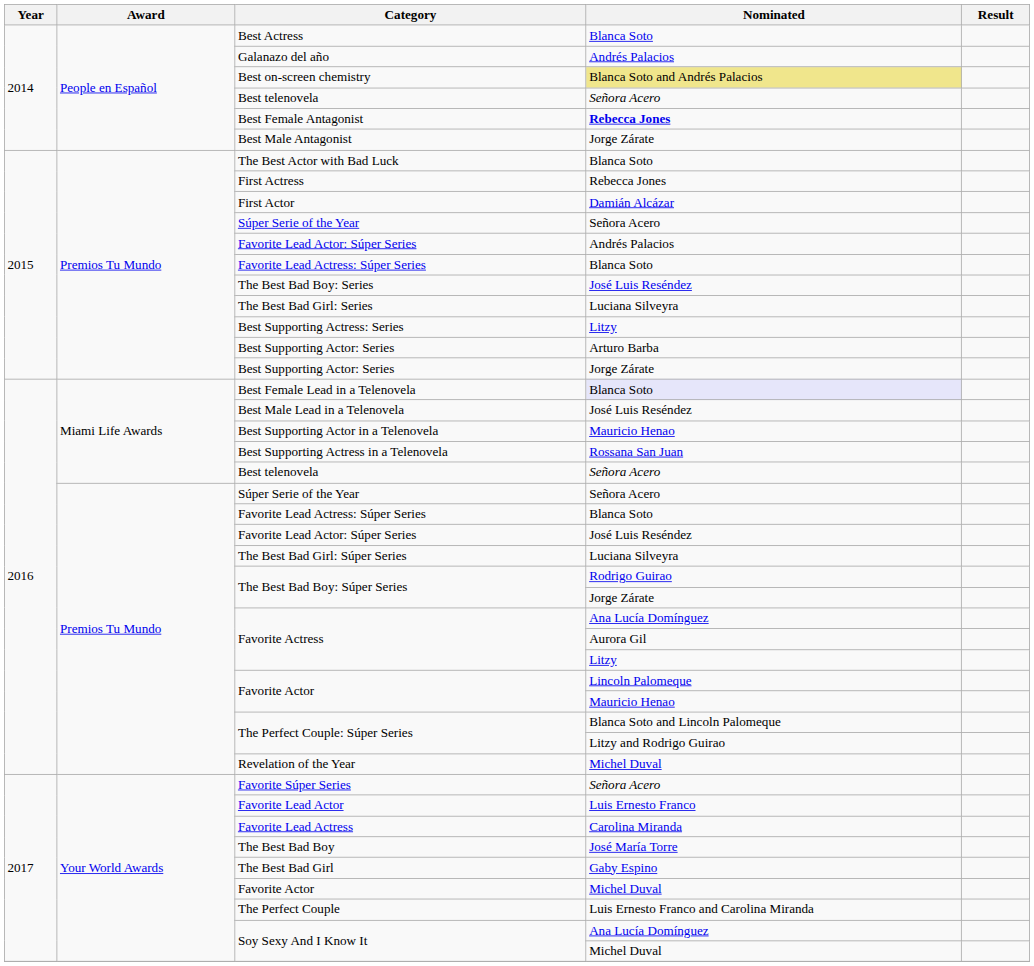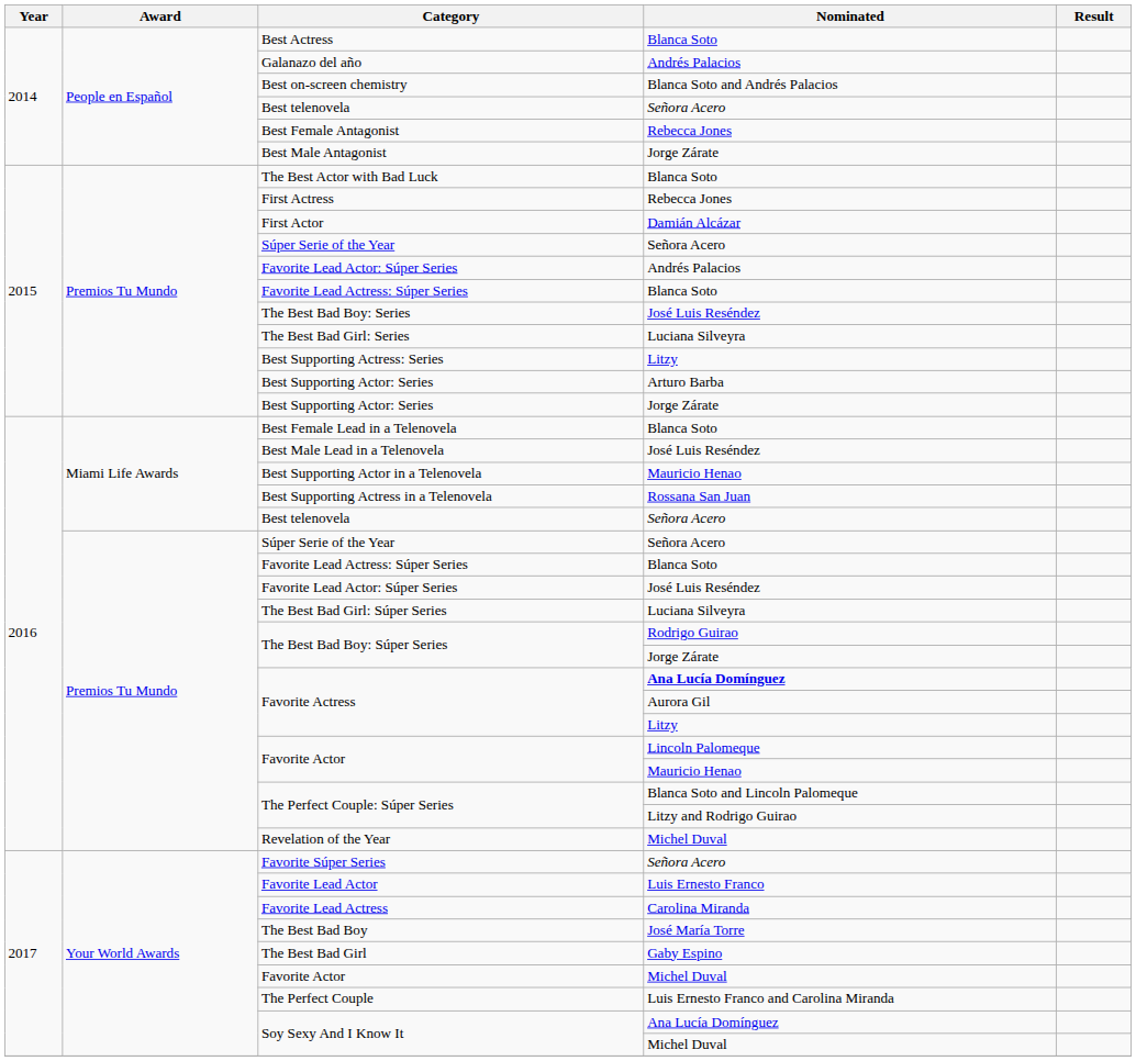 <table class="wikitable sortable plainrowheaders" style="width:99%;">
 <tr>
 <th scope="col">Year</th>
 <th scope="col">Award</th>
 <th scope="col">Category</th>
 <th scope="col">Nominated</th>
 <th scope="col">Result</th>
 </tr>
 <tr>
 <td rowspan=6>2014</td>
 <td rowspan=6><a href='#'>People en Español</a></td>
 <td>Best Actress</td>
 <td><a href='#'>Blanca Soto</a></td>
 <td></td>
 </tr>
 <tr>
 <td>Galanazo del año</td>
 <td><a href='#'>Andrés Palacios</a></td>
 <td></td>
 </tr>
 <tr>
 <td>Best on-screen chemistry</td>
-<td style="background: khaki;">Blanca Soto and Andrés Palacios</td>
+<td>Blanca Soto and Andrés Palacios</td>
 <td></td>
 </tr>
 <tr>
 <td>Best telenovela</td>
 <td><em>Señora Acero</em></td>
 <td></td>
 </tr>
 <tr>
 <td>Best Female Antagonist</td>
-<td><strong><a href='#'>Rebecca Jones</a></strong></td>
+<td><a href='#'>Rebecca Jones</a></td>
 <td></td>
 </tr>
 <tr>
 <td>Best Male Antagonist</td>
 <td>Jorge Zárate</td>
 <td></td>
 </tr>
 <tr>
 <td rowspan=11>2015</td>
 <td rowspan=11><a href='#'>Premios Tu Mundo</a></td>
 <td>The Best Actor with Bad Luck</td>
 <td>Blanca Soto</td>
 <td></td>
 </tr>
 <tr>
 <td>First Actress</td>
 <td>Rebecca Jones</td>
 <td></td>
 </tr>
 <tr>
 <td>First Actor</td>
 <td><a href='#'>Damián Alcázar</a></td>
 <td></td>
 </tr>
 <tr>
 <td><a href='#'>Súper Serie of the Year</a></td>
 <td>Señora Acero</td>
 <td></td>
 </tr>
 <tr>
 <td><a href='#'>Favorite Lead Actor: Súper Series</a></td>
 <td>Andrés Palacios</td>
 <td></td>
 </tr>
 <tr>
 <td><a href='#'>Favorite Lead Actress: Súper Series</a></td>
 <td>Blanca Soto</td>
 <td></td>
 </tr>
 <tr>
 <td>The Best Bad Boy: Series</td>
 <td><a href='#'>José Luis Reséndez</a></td>
 <td></td>
 </tr>
 <tr>
 <td>The Best Bad Girl: Series</td>
 <td>Luciana Silveyra</td>
 <td></td>
 </tr>
 <tr>
 <td>Best Supporting Actress: Series</td>
 <td><a href='#'>Litzy</a></td>
 <td></td>
 </tr>
 <tr>
 <td>Best Supporting Actor: Series</td>
 <td>Arturo Barba</td>
 <td></td>
 </tr>
 <tr>
 <td>Best Supporting Actor: Series</td>
 <td>Jorge Zárate</td>
 <td></td>
 </tr>
 <tr>
 <td rowspan=19>2016</td>
 <td rowspan=5>Miami Life Awards</td>
 <td>Best Female Lead in a Telenovela</td>
-<td style="background: lavender;">Blanca Soto</td>
+<td>Blanca Soto</td>
 <td></td>
 </tr>
 <tr>
 <td>Best Male Lead in a Telenovela</td>
 <td>José Luis Reséndez</td>
 <td></td>
 </tr>
 <tr>
 <td>Best Supporting Actor in a Telenovela</td>
 <td><a href='#'>Mauricio Henao</a></td>
 <td></td>
 </tr>
 <tr>
 <td>Best Supporting Actress in a Telenovela</td>
 <td><a href='#'>Rossana San Juan</a></td>
 <td></td>
 </tr>
 <tr>
 <td>Best telenovela</td>
 <td><em>Señora Acero </em></td>
 <td></td>
 </tr>
 <tr>
 <td rowspan=14><a href='#'>Premios Tu Mundo</a></td>
 <td>Súper Serie of the Year</td>
 <td>Señora Acero</td>
 <td></td>
 </tr>
 <tr>
 <td>Favorite Lead Actress: Súper Series</td>
 <td>Blanca Soto</td>
 <td></td>
 </tr>
 <tr>
 <td>Favorite Lead Actor: Súper Series</td>
 <td>José Luis Reséndez</td>
 <td></td>
 </tr>
 <tr>
 <td>The Best Bad Girl: Súper Series</td>
 <td>Luciana Silveyra</td>
 <td></td>
 </tr>
 <tr>
 <td rowspan=2>The Best Bad Boy: Súper Series</td>
 <td><a href='#'>Rodrigo Guirao</a></td>
 <td></td>
 </tr>
 <tr>
 <td>Jorge Zárate</td>
 <td></td>
 </tr>
 <tr>
 <td rowspan=3>Favorite Actress</td>
-<td><a href='#'>Ana Lucía Domínguez</a></td>
+<td><strong><a href='#'>Ana Lucía Domínguez</a></strong></td>
 <td></td>
 </tr>
 <tr>
 <td>Aurora Gil</td>
 <td></td>
 </tr>
 <tr>
 <td><a href='#'>Litzy</a></td>
 <td></td>
 </tr>
 <tr>
 <td rowspan=2>Favorite Actor</td>
 <td><a href='#'>Lincoln Palomeque</a></td>
 <td></td>
 </tr>
 <tr>
 <td><a href='#'>Mauricio Henao</a></td>
 <td></td>
 </tr>
 <tr>
 <td rowspan=2>The Perfect Couple: Súper Series</td>
 <td>Blanca Soto and Lincoln Palomeque</td>
 <td></td>
 </tr>
 <tr>
 <td>Litzy and Rodrigo Guirao</td>
 <td></td>
 </tr>
 <tr>
 <td>Revelation of the Year</td>
 <td><a href='#'>Michel Duval</a></td>
 <td></td>
 </tr>
 <tr>
 <td rowspan="9">2017</td>
 <td rowspan="9"><a href='#'>Your World Awards</a></td>
 <td><a href='#'>Favorite Súper Series</a></td>
 <td><em>Señora Acero</em></td>
 <td></td>
 </tr>
 <tr>
 <td><a href='#'>Favorite Lead Actor</a></td>
 <td><a href='#'>Luis Ernesto Franco</a></td>
 <td></td>
 </tr>
 <tr>
 <td><a href='#'>Favorite Lead Actress</a></td>
 <td><a href='#'>Carolina Miranda</a></td>
 <td></td>
 </tr>
 <tr>
 <td>The Best Bad Boy</td>
 <td><a href='#'>José María Torre</a></td>
 <td></td>
 </tr>
 <tr>
 <td>The Best Bad Girl</td>
 <td><a href='#'>Gaby Espino</a></td>
 <td></td>
 </tr>
 <tr>
 <td>Favorite Actor</td>
 <td><a href='#'>Michel Duval</a></td>
 <td></td>
 </tr>
 <tr>
 <td>The Perfect Couple</td>
 <td>Luis Ernesto Franco and Carolina Miranda</td>
 <td></td>
 </tr>
 <tr>
 <td rowspan=2>Soy Sexy And I Know It</td>
 <td><a href='#'>Ana Lucía Domínguez</a></td>
 <td></td>
 </tr>
 <tr>
 <td>Michel Duval</td>
 <td></td>
 </tr>
 <tr>
 </tr>
 </table>
